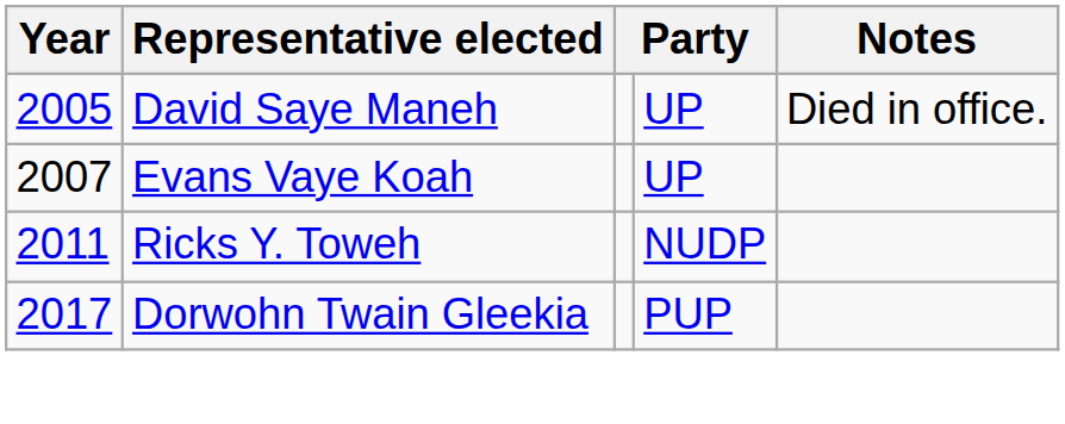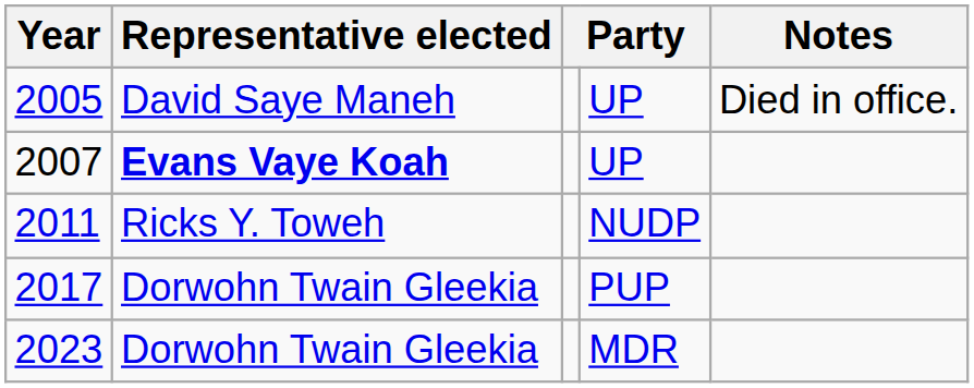 <table class="wikitable">
 <tr>
 <th>Year</th>
 <th>Representative elected</th>
 <th colspan=2>Party</th>
 <th>Notes</th>
 </tr>
 <tr>
 <td><a href='#'>2005</a></td>
 <td><a href='#'>David Saye Maneh</a></td>
 <td></td>
 <td><a href='#'>UP</a></td>
 <td>Died in office.</td>
 </tr>
 <tr>
 <td>2007</td>
-<td><a href='#'>Evans Vaye Koah</a></td>
+<td><strong><a href='#'>Evans Vaye Koah</a></strong></td>
 <td></td>
 <td><a href='#'>UP</a></td>
 <td></td>
 </tr>
 <tr>
 <td><a href='#'>2011</a></td>
 <td><a href='#'>Ricks Y. Toweh</a></td>
 <td></td>
 <td><a href='#'>NUDP</a></td>
 <td></td>
 </tr>
 <tr>
 <td><a href='#'>2017</a></td>
 <td><a href='#'>Dorwohn Twain Gleekia</a></td>
 <td></td>
 <td><a href='#'>PUP</a></td>
 <td></td>
 </tr>
+<tr>
+<td><a href='#'>2023</a></td>
+<td><a href='#'>Dorwohn Twain Gleekia</a></td>
+<td></td>
+<td><a href='#'>MDR</a></td>
+<td></td>
+</tr>
 </table>
